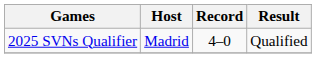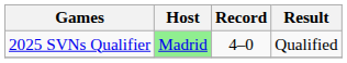 <table class="wikitable" style="text-align:center">
 <tr>
 <th>Games</th>
 <th>Host</th>
 <th>Record</th>
 <th>Result</th>
 </tr>
 <tr>
 <td><a href='#'>2025 SVNs Qualifier</a></td>
-<td align=left> <a href='#'>Madrid</a></td>
+<td align=left style="background: lightgreen;"> <a href='#'>Madrid</a></td>
 <td>4–0</td>
 <td>Qualified</td>
 </tr>
 <tr>
 </tr>
 </table>
